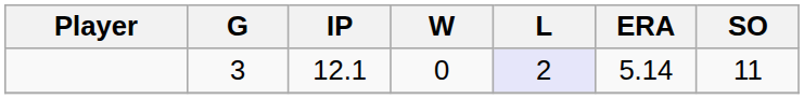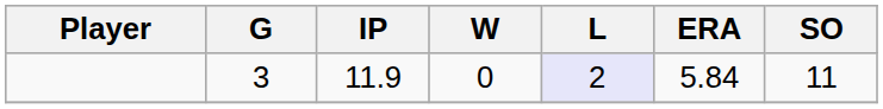 <table class="wikitable sortable">
 <tr>
 <th bgcolor="#DDDDFF" width="16%">Player</th>
 <th bgcolor="#DDDDFF" width="9%">G</th>
 <th bgcolor="#DDDDFF" width="9%">IP</th>
 <th bgcolor="#DDDDFF" width="9%">W</th>
 <th bgcolor="#DDDDFF" width="9%">L</th>
 <th bgcolor="#DDDDFF" width="9%">ERA</th>
 <th bgcolor="#DDDDFF" width="9%">SO</th>
 </tr>
 <tr align="center">
 <td></td>
 <td>3</td>
-<td>12.1</td>
+<td>11.9</td>
 <td>0</td>
 <td style="background: lavender;">2</td>
-<td>5.14</td>
+<td>5.84</td>
 <td>11</td>
 </tr>
 <tr align="center">
 </tr>
 </table>
